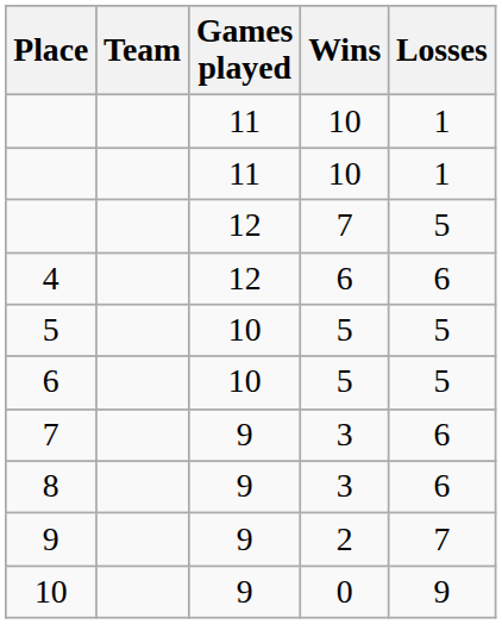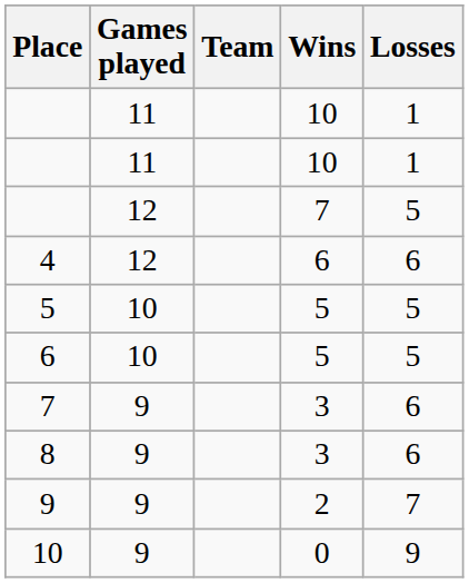 <table class="wikitable" style="text-align:center;">
 <tr>
 <th>Place</th>
+<th>Games<br>played</th>
 <th>Team</th>
-<th>Games<br>played</th>
 <th>Wins</th>
 <th>Losses</th>
 </tr>
 <tr>
 <td></td>
+<td>11</td>
 <td align=left></td>
-<td>11</td>
 <td>10</td>
 <td>1</td>
 </tr>
 <tr>
 <td></td>
+<td>11</td>
 <td align=left></td>
-<td>11</td>
 <td>10</td>
 <td>1</td>
 </tr>
 <tr>
 <td></td>
+<td>12</td>
 <td align=left></td>
-<td>12</td>
 <td>7</td>
 <td>5</td>
 </tr>
 <tr>
 <td>4</td>
+<td>12</td>
 <td align=left></td>
-<td>12</td>
 <td>6</td>
 <td>6</td>
 </tr>
 <tr>
 <td>5</td>
+<td>10</td>
 <td align=left></td>
-<td>10</td>
 <td>5</td>
 <td>5</td>
 </tr>
 <tr>
 <td>6</td>
+<td>10</td>
 <td align=left></td>
-<td>10</td>
 <td>5</td>
 <td>5</td>
 </tr>
 <tr>
 <td>7</td>
+<td>9</td>
 <td align=left></td>
-<td>9</td>
 <td>3</td>
 <td>6</td>
 </tr>
 <tr>
 <td>8</td>
+<td>9</td>
 <td align=left></td>
-<td>9</td>
 <td>3</td>
 <td>6</td>
 </tr>
 <tr>
 <td>9</td>
+<td>9</td>
 <td align=left></td>
-<td>9</td>
 <td>2</td>
 <td>7</td>
 </tr>
 <tr>
 <td>10</td>
+<td>9</td>
 <td align=left></td>
-<td>9</td>
 <td>0</td>
 <td>9</td>
 </tr>
 </table>
